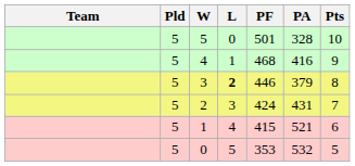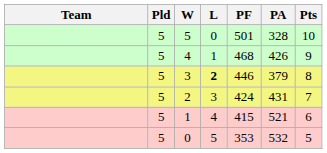 <table class="wikitable" style="text-align:center;">
 <tr>
 <th width=170>Team</th>
 <th width=25>Pld</th>
 <th width=25>W</th>
 <th width=25>L</th>
 <th width=35>PF</th>
 <th width=35>PA</th>
 <th width=25>Pts</th>
 </tr>
 <tr bgcolor=#ccffcc>
 <td align="left"></td>
 <td>5</td>
 <td>5</td>
 <td>0</td>
 <td>501</td>
 <td>328</td>
 <td>10</td>
 </tr>
 <tr bgcolor=#ccffcc>
 <td align="left"></td>
 <td>5</td>
 <td>4</td>
 <td>1</td>
 <td>468</td>
-<td>416</td>
+<td>426</td>
 <td>9</td>
 </tr>
 <tr bgcolor=#F3F781>
 <td align="left"></td>
 <td>5</td>
 <td>3</td>
 <td><strong>2</strong></td>
 <td>446</td>
 <td>379</td>
 <td>8</td>
 </tr>
 <tr bgcolor=#F3F781>
 <td align="left"></td>
 <td>5</td>
 <td>2</td>
 <td>3</td>
 <td>424</td>
 <td>431</td>
 <td>7</td>
 </tr>
 <tr bgcolor=#ffcccc>
 <td align="left"></td>
 <td>5</td>
 <td>1</td>
 <td>4</td>
 <td>415</td>
 <td>521</td>
 <td>6</td>
 </tr>
 <tr bgcolor=#ffcccc>
 <td align="left"></td>
 <td>5</td>
 <td>0</td>
 <td>5</td>
 <td>353</td>
 <td>532</td>
 <td>5</td>
 </tr>
 </table>
